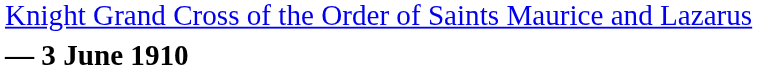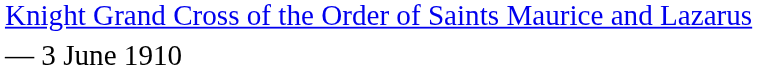 <table>
 <tr>
 <td rowspan=2 style="width:60px; vertical-align:top;"></td>
 <td><a href='#'>Knight Grand Cross of the Order of Saints Maurice and Lazarus</a></td>
 </tr>
 <tr>
-<td><strong>— 3 June 1910</strong></td>
+<td>— 3 June 1910</td>
 </tr>
 </table>
